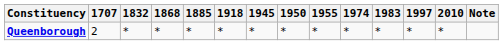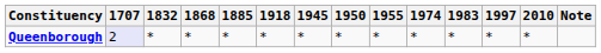 <table class="wikitable">
 <tr>
 <th>Constituency</th>
 <th>1707</th>
 <th>1832</th>
 <th>1868</th>
 <th>1885</th>
 <th>1918</th>
 <th>1945</th>
 <th>1950</th>
 <th>1955</th>
 <th>1974</th>
 <th>1983</th>
 <th>1997</th>
 <th>2010</th>
 <th>Note</th>
 </tr>
 <tr>
 <td><strong><a href='#'>Queenborough</a></strong></td>
-<td>2</td>
+<td style="background: lavender;">2</td>
 <td>*</td>
 <td>*</td>
 <td>*</td>
 <td>*</td>
 <td>*</td>
 <td>*</td>
 <td>*</td>
 <td>*</td>
 <td>*</td>
 <td>*</td>
 <td>*</td>
 </tr>
 </table>
